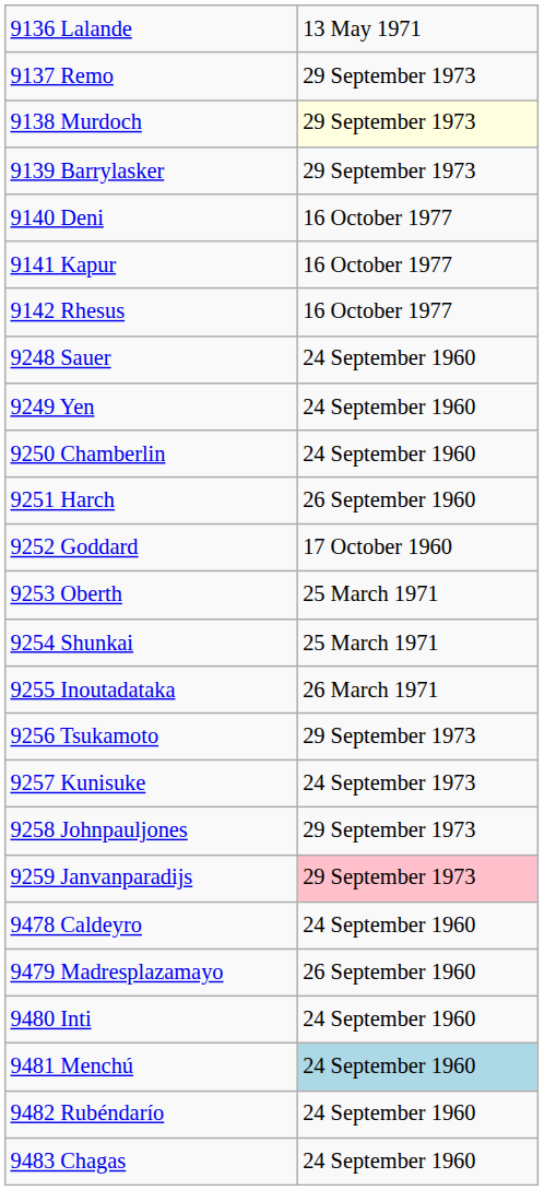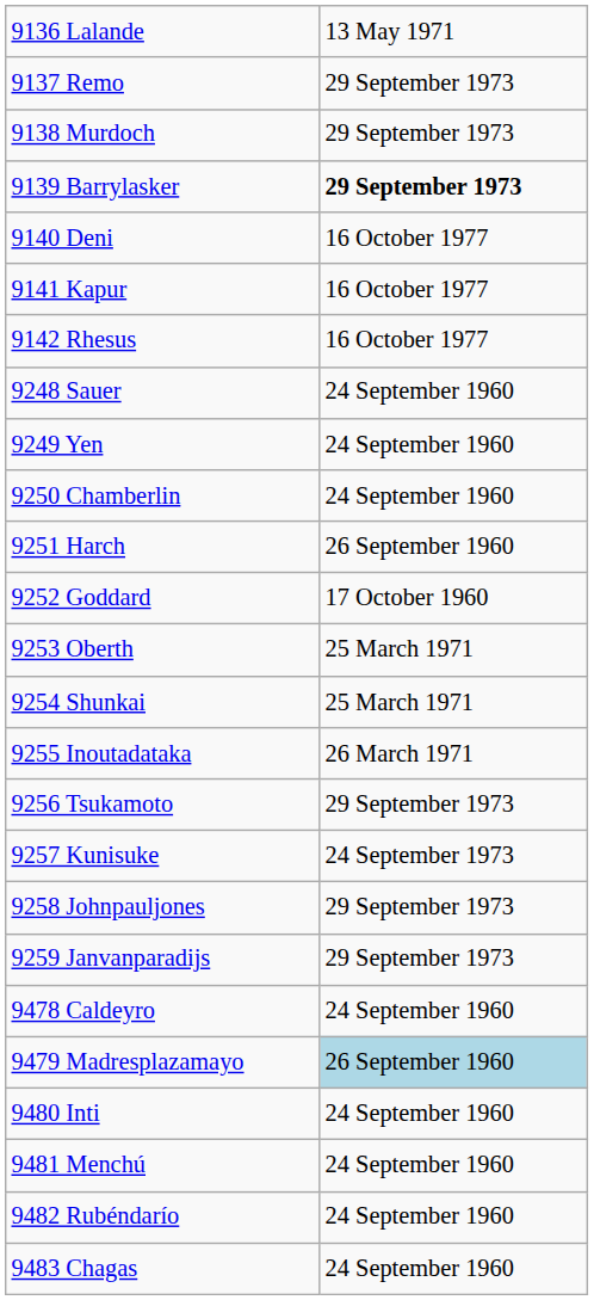 <table class="wikitable" style="font-size: 89%; float: left; width: 24em; margin-right: 1em; line-height: 1.65em">
 <tr>
 <td><a href='#'>9136 Lalande</a></td>
 <td>13 May 1971</td>
 </tr>
 <tr>
 <td><a href='#'>9137 Remo</a></td>
 <td>29 September 1973</td>
 </tr>
 <tr>
 <td><a href='#'>9138 Murdoch</a></td>
-<td style="background: lightyellow;">29 September 1973</td>
+<td>29 September 1973</td>
 </tr>
 <tr>
 <td><a href='#'>9139 Barrylasker</a></td>
-<td>29 September 1973</td>
+<td><strong>29 September 1973</strong></td>
 </tr>
 <tr>
 <td><a href='#'>9140 Deni</a></td>
 <td>16 October 1977</td>
 </tr>
 <tr>
 <td><a href='#'>9141 Kapur</a></td>
 <td>16 October 1977</td>
 </tr>
 <tr>
 <td><a href='#'>9142 Rhesus</a></td>
 <td>16 October 1977</td>
 </tr>
 <tr>
 <td><a href='#'>9248 Sauer</a></td>
 <td>24 September 1960</td>
 </tr>
 <tr>
 <td><a href='#'>9249 Yen</a></td>
 <td>24 September 1960</td>
 </tr>
 <tr>
 <td><a href='#'>9250 Chamberlin</a></td>
 <td>24 September 1960</td>
 </tr>
 <tr>
 <td><a href='#'>9251 Harch</a></td>
 <td>26 September 1960</td>
 </tr>
 <tr>
 <td><a href='#'>9252 Goddard</a></td>
 <td>17 October 1960</td>
 </tr>
 <tr>
 <td><a href='#'>9253 Oberth</a></td>
 <td>25 March 1971</td>
 </tr>
 <tr>
 <td><a href='#'>9254 Shunkai</a></td>
 <td>25 March 1971</td>
 </tr>
 <tr>
 <td><a href='#'>9255 Inoutadataka</a></td>
 <td>26 March 1971</td>
 </tr>
 <tr>
 <td><a href='#'>9256 Tsukamoto</a></td>
 <td>29 September 1973</td>
 </tr>
 <tr>
 <td><a href='#'>9257 Kunisuke</a></td>
 <td>24 September 1973</td>
 </tr>
 <tr>
 <td><a href='#'>9258 Johnpauljones</a></td>
 <td>29 September 1973</td>
 </tr>
 <tr>
 <td><a href='#'>9259 Janvanparadijs</a></td>
-<td style="background: pink;">29 September 1973</td>
+<td>29 September 1973</td>
 </tr>
 <tr>
 <td><a href='#'>9478 Caldeyro</a></td>
 <td>24 September 1960</td>
 </tr>
 <tr>
 <td><a href='#'>9479 Madresplazamayo</a></td>
-<td>26 September 1960</td>
+<td style="background: lightblue;">26 September 1960</td>
 </tr>
 <tr>
 <td><a href='#'>9480 Inti</a></td>
 <td>24 September 1960</td>
 </tr>
 <tr>
 <td><a href='#'>9481 Menchú</a></td>
-<td style="background: lightblue;">24 September 1960</td>
+<td>24 September 1960</td>
 </tr>
 <tr>
 <td><a href='#'>9482 Rubéndarío</a></td>
 <td>24 September 1960</td>
 </tr>
 <tr>
 <td><a href='#'>9483 Chagas</a></td>
 <td>24 September 1960</td>
 </tr>
 </table>
